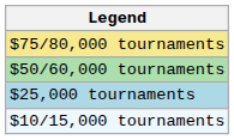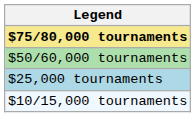 <table class=wikitable style="font-size:85%">
 <tr>
 <th>Legend</th>
 </tr>
 <tr style="background:#f7e98e;">
-<td>$75/80,000 tournaments</td>
+<td><strong>$75/80,000 tournaments</strong></td>
 </tr>
 <tr style="background:#addfad;">
 <td>$50/60,000 tournaments</td>
 </tr>
 <tr style="background:lightblue;">
 <td>$25,000 tournaments</td>
 </tr>
 <tr style="background:#f0f8ff;">
 <td>$10/15,000 tournaments</td>
 </tr>
 </table>
